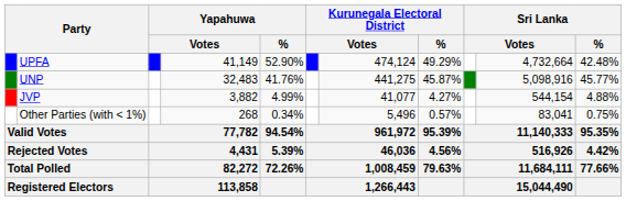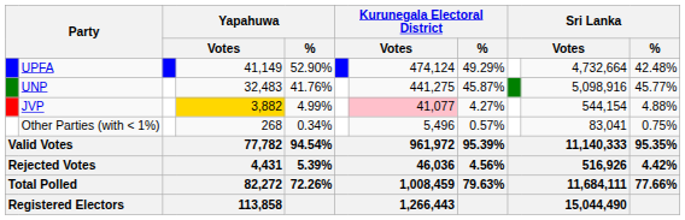 <table class="wikitable">
 <tr>
 <th colspan="2" width="144px"rowspan="2">Party</th>
 <th colspan="3" width="216px">Yapahuwa</th>
 <th colspan="3" width="216px"><a href='#'>Kurunegala Electoral District</a></th>
 <th colspan="3" width="216px">Sri Lanka</th>
 </tr>
 <tr>
 <th colspan="2" width="144px">Votes</th>
 <th>%</th>
 <th colspan="2" width="144px">Votes</th>
 <th>%</th>
 <th colspan="2" width="144px">Votes</th>
 <th>%</th>
 </tr>
 <tr>
 <td style="background-color:blue;" width="10px"></td>
 <td style="text-align:left;"><a href='#'>UPFA</a></td>
 <td style="background-color:blue;" width="10px"></td>
 <td style="text-align:right;">41,149</td>
 <td style="text-align:right;">52.90%</td>
 <td style="background-color:blue;" width="10px"></td>
 <td style="text-align:right;">474,124</td>
 <td style="text-align:right;">49.29%</td>
 <td style="background-color:white;" width="10px"></td>
 <td style="text-align:right;">4,732,664</td>
 <td style="text-align:right;">42.48%</td>
 </tr>
 <tr>
 <td style="background-color:green;" width="10px"></td>
 <td style="text-align:left;"><a href='#'>UNP</a></td>
 <td style="background-color:white;" width="10px"></td>
 <td style="text-align:right;">32,483</td>
 <td style="text-align:right;">41.76%</td>
 <td style="background-color:white;" width="10px"></td>
 <td style="text-align:right;">441,275</td>
 <td style="text-align:right;">45.87%</td>
 <td style="background-color:green;" width="10px"></td>
 <td style="text-align:right;">5,098,916</td>
 <td style="text-align:right;">45.77%</td>
 </tr>
 <tr>
 <td style="background-color:red;" width="10px"></td>
 <td style="text-align:left;"><a href='#'>JVP</a></td>
 <td style="background-color:white;" width="10px"></td>
-<td style="text-align:right;">3,882</td>
+<td style="background: gold; text-align:right;">3,882</td>
 <td style="text-align:right;">4.99%</td>
 <td style="background-color:white;" width="10px"></td>
-<td style="text-align:right;">41,077</td>
+<td style="background: pink; text-align:right;">41,077</td>
 <td style="text-align:right;">4.27%</td>
 <td style="background-color:white;" width="10px"></td>
 <td style="text-align:right;">544,154</td>
 <td style="text-align:right;">4.88%</td>
 </tr>
 <tr>
 <td style="background-color:white;" width="10px"></td>
 <td style="text-align:left;">Other Parties (with < 1%)</td>
 <td style="background-color:white;" width="10px"></td>
 <td style="text-align:right;">268</td>
 <td style="text-align:right;">0.34%</td>
 <td style="background-color:white;" width="10px"></td>
 <td style="text-align:right;">5,496</td>
 <td style="text-align:right;">0.57%</td>
 <td style="background-color:white;" width="10px"></td>
 <td style="text-align:right;">83,041</td>
 <td style="text-align:right;">0.75%</td>
 </tr>
 <tr>
 <th colspan="2" width="144px"style="text-align:left;">Valid Votes</th>
 <th style="text-align:right;"colspan="2" width="144px">77,782</th>
 <th style="text-align:right;">94.54%</th>
 <th style="text-align:right;"colspan="2" width="144px">961,972</th>
 <th style="text-align:right;">95.39%</th>
 <th style="text-align:right;"colspan="2" width="144px">11,140,333</th>
 <th style="text-align:right;">95.35%</th>
 </tr>
 <tr>
 <th colspan="2" width="144px"style="text-align:left;">Rejected Votes</th>
 <th style="text-align:right;"colspan="2" width="144px">4,431</th>
 <th style="text-align:right;">5.39%</th>
 <th style="text-align:right;"colspan="2" width="144px">46,036</th>
 <th style="text-align:right;">4.56%</th>
 <th style="text-align:right;"colspan="2" width="144px">516,926</th>
 <th style="text-align:right;">4.42%</th>
 </tr>
 <tr>
 <th colspan="2" width="144px"style="text-align:left;">Total Polled</th>
 <th style="text-align:right;"colspan="2" width="144px">82,272</th>
 <th style="text-align:right;">72.26%</th>
 <th style="text-align:right;"colspan="2" width="144px">1,008,459</th>
 <th style="text-align:right;">79.63%</th>
 <th style="text-align:right;"colspan="2" width="144px">11,684,111</th>
 <th style="text-align:right;">77.66%</th>
 </tr>
 <tr>
 <th colspan="2" width="144px"style="text-align:left;">Registered Electors</th>
 <th style="text-align:right;"colspan="2" width="144px">113,858</th>
 <th></th>
 <th style="text-align:right;"colspan="2" width="144px">1,266,443</th>
 <th></th>
 <th style="text-align:right;"colspan="2" width="144px">15,044,490</th>
 <th></th>
 </tr>
 </table>
